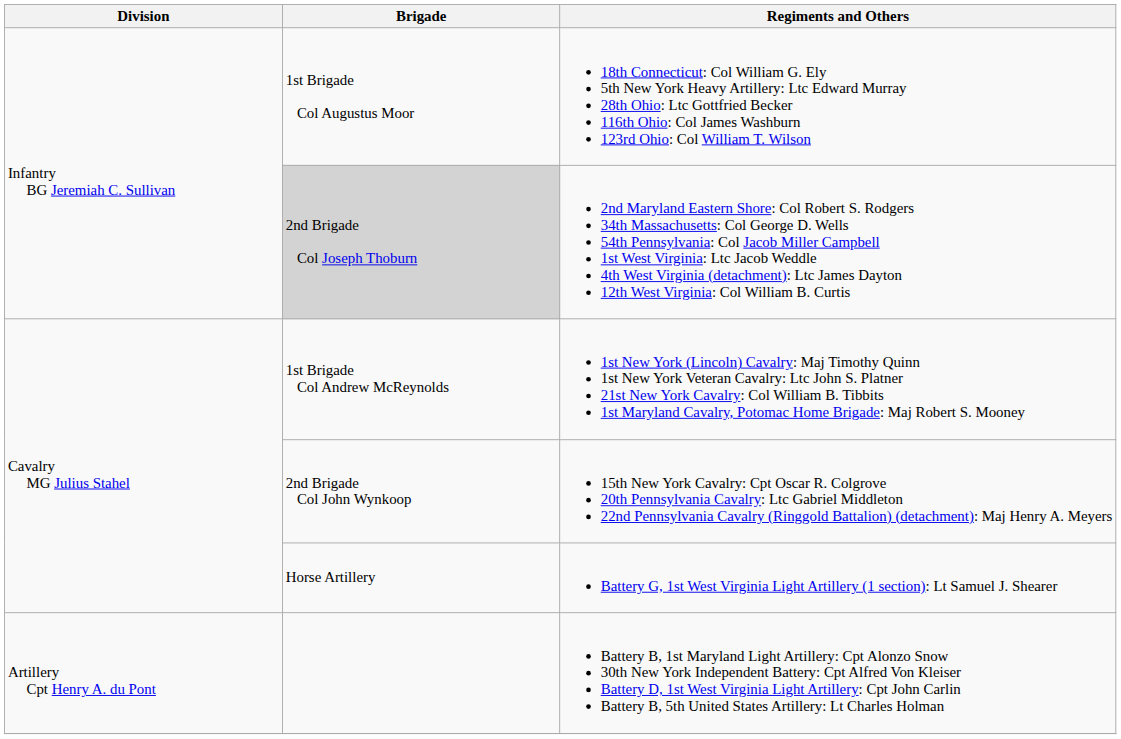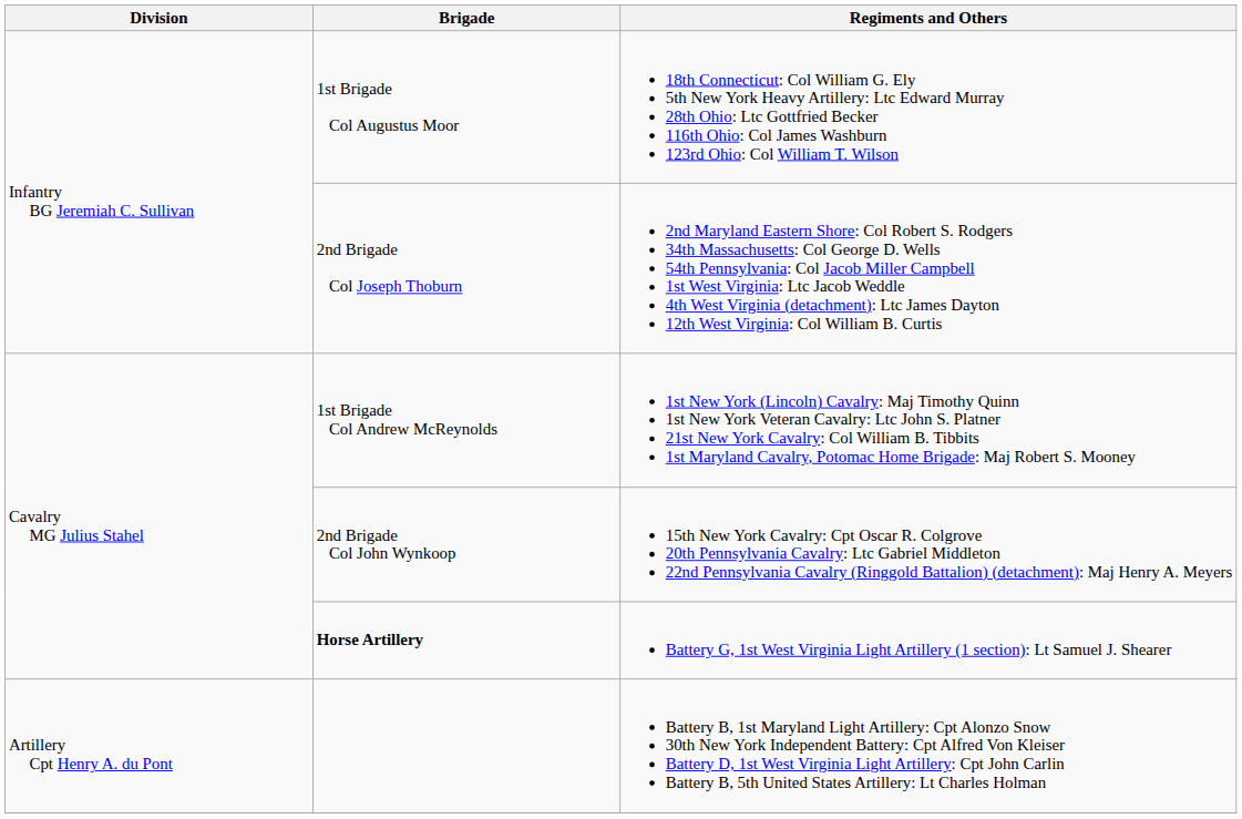 <table class="wikitable">
 <tr>
 <th width=25%>Division</th>
 <th width=25%>Brigade</th>
 <th>Regiments and Others</th>
 </tr>
 <tr>
 <td rowspan=2><br>Infantry <br>     BG <a href='#'>Jeremiah C. Sullivan</a><br></td>
 <td>1st Brigade<br><br>   Col Augustus Moor</td>
 <td><br><ul><li><a href='#'>18th Connecticut</a>: Col William G. Ely</li><li>5th New York Heavy Artillery: Ltc Edward Murray</li><li><a href='#'>28th Ohio</a>: Ltc Gottfried Becker</li><li><a href='#'>116th Ohio</a>: Col James Washburn</li><li><a href='#'>123rd Ohio</a>: Col <a href='#'>William T. Wilson</a></li></ul></td>
 </tr>
 <tr>
-<td style="background: lightgrey;">2nd Brigade<br><br>   Col <a href='#'>Joseph Thoburn</a></td>
+<td>2nd Brigade<br><br>   Col <a href='#'>Joseph Thoburn</a></td>
 <td><br><ul><li><a href='#'>2nd Maryland Eastern Shore</a>: Col Robert S. Rodgers</li><li><a href='#'>34th Massachusetts</a>: Col George D. Wells</li><li><a href='#'>54th Pennsylvania</a>: Col <a href='#'>Jacob Miller Campbell</a></li><li><a href='#'>1st West Virginia</a>: Ltc Jacob Weddle</li><li><a href='#'>4th West Virginia (detachment)</a>: Ltc James Dayton</li><li><a href='#'>12th West Virginia</a>: Col William B. Curtis</li></ul></td>
 </tr>
 <tr>
 <td rowspan=3><br>Cavalry <br>     MG <a href='#'>Julius Stahel</a><br></td>
 <td>1st Brigade<br>   Col Andrew McReynolds</td>
 <td><br><ul><li><a href='#'>1st New York (Lincoln) Cavalry</a>: Maj Timothy Quinn</li><li>1st New York Veteran Cavalry: Ltc John S. Platner</li><li><a href='#'>21st New York Cavalry</a>: Col William B. Tibbits</li><li><a href='#'>1st Maryland Cavalry, Potomac Home Brigade</a>: Maj Robert S. Mooney</li></ul></td>
 </tr>
 <tr>
 <td>2nd Brigade<br>   Col John Wynkoop</td>
 <td><br><ul><li>15th New York Cavalry: Cpt Oscar R. Colgrove</li><li><a href='#'>20th Pennsylvania Cavalry</a>: Ltc Gabriel Middleton</li><li><a href='#'>22nd Pennsylvania Cavalry (Ringgold Battalion) (detachment)</a>: Maj Henry A. Meyers</li></ul></td>
 </tr>
 <tr>
-<td>Horse Artillery</td>
+<td><strong>Horse Artillery</strong></td>
 <td><br><ul><li><a href='#'>Battery G, 1st West Virginia Light Artillery (1 section)</a>: Lt Samuel J. Shearer</li></ul></td>
 </tr>
 <tr>
 <td rowspan=1><br>Artillery <br>     Cpt <a href='#'>Henry A. du Pont</a><br></td>
 <td></td>
 <td><br><ul><li>Battery B, 1st Maryland Light Artillery: Cpt Alonzo Snow</li><li>30th New York Independent Battery: Cpt Alfred Von Kleiser</li><li><a href='#'>Battery D, 1st West Virginia Light Artillery</a>: Cpt John Carlin</li><li>Battery B, 5th United States Artillery: Lt Charles Holman</li></ul></td>
 </tr>
 <tr>
 </tr>
 </table>
